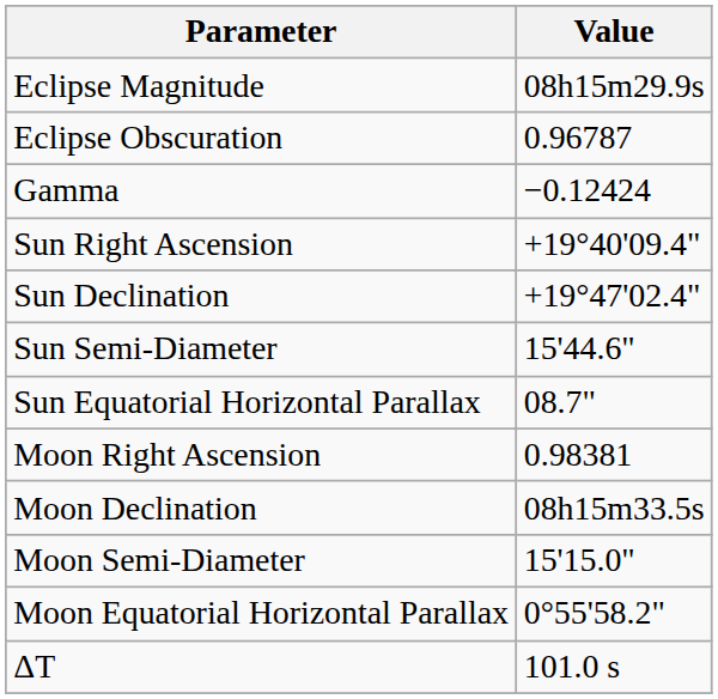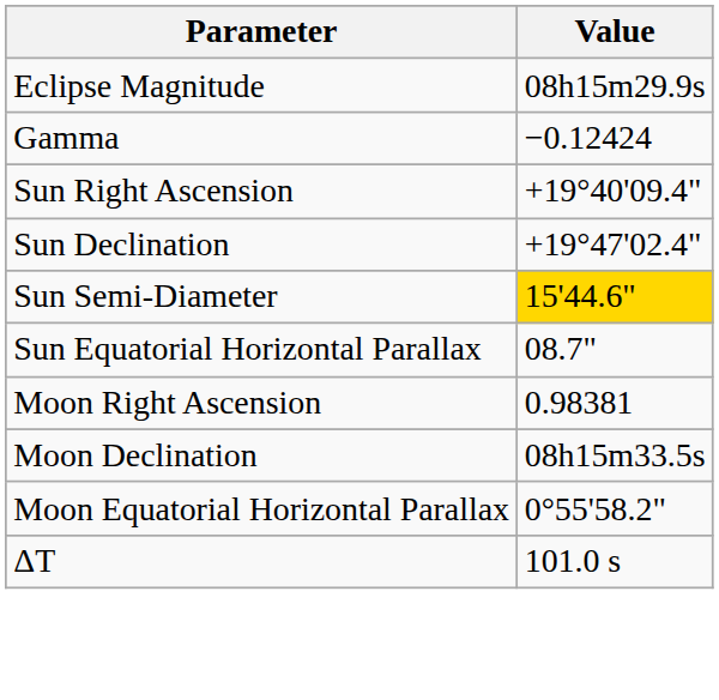 <table class="wikitable">
 <tr>
 <th>Parameter</th>
 <th>Value</th>
 </tr>
 <tr>
 <td>Eclipse Magnitude</td>
 <td>08h15m29.9s</td>
-</tr>
-<tr>
-<td>Eclipse Obscuration</td>
-<td>0.96787</td>
 </tr>
 <tr>
 <td>Gamma</td>
 <td>−0.12424</td>
 </tr>
 <tr>
 <td>Sun Right Ascension</td>
 <td>+19°40'09.4"</td>
 </tr>
 <tr>
 <td>Sun Declination</td>
 <td>+19°47'02.4"</td>
 </tr>
 <tr>
 <td>Sun Semi-Diameter</td>
-<td>15'44.6"</td>
+<td style="background: gold;">15'44.6"</td>
 </tr>
 <tr>
 <td>Sun Equatorial Horizontal Parallax</td>
 <td>08.7"</td>
 </tr>
 <tr>
 <td>Moon Right Ascension</td>
 <td>0.98381</td>
 </tr>
 <tr>
 <td>Moon Declination</td>
 <td>08h15m33.5s</td>
 </tr>
 <tr>
-<td>Moon Semi-Diameter</td>
-<td>15'15.0"</td>
-</tr>
-<tr>
 <td>Moon Equatorial Horizontal Parallax</td>
 <td>0°55'58.2"</td>
 </tr>
 <tr>
 <td>ΔT</td>
 <td>101.0 s</td>
 </tr>
 </table>
